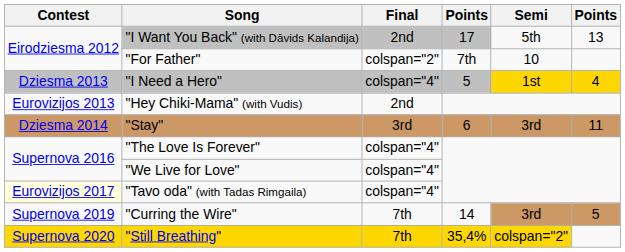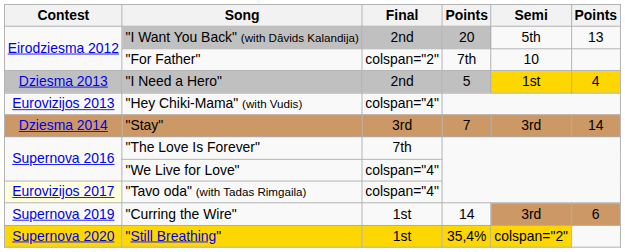 <table class="wikitable sortable plainrowheaders">
 <tr>
 <th scope="col">Contest</th>
 <th scope="col">Song</th>
 <th scope="col" data-sort-type="number">Final</th>
 <th scope="col" data-sort-type="number">Points</th>
 <th scope="col" data-sort-type="number">Semi</th>
 <th scope="col" data-sort-type="number">Points</th>
 </tr>
 <tr>
 <td rowspan="2" scope="row" style="text-align:center" style="background:silver;"> <a href='#'>Eirodziesma 2012</a></td>
 <td style="background:silver;">"I Want You Back" <small>(with Dāvids Kalandija)</small></td>
 <td align=center style="background:silver;">2nd</td>
-<td align=center style="background:silver;">17</td>
+<td align=center style="background:silver;">20</td>
 <td align=center>5th</td>
 <td align=center>13</td>
 </tr>
 <tr>
 <td>"For Father"</td>
 <td>colspan="2" </td>
 <td align=center>7th</td>
 <td align=center>10</td>
 </tr>
 <tr style="background:silver;">
 <td scope="row" style="text-align:center"> <a href='#'>Dziesma 2013</a></td>
 <td>"I Need a Hero"</td>
-<td>colspan="4" </td>
+<td align=center>2nd</td>
 <td align=center>5</td>
 <td align=center style="background:gold;">1st</td>
 <td align=center style="background:gold;">4</td>
 </tr>
 <tr>
 <td scope="row" style="text-align:center"> <a href='#'>Eurovizijos 2013</a></td>
 <td>"Hey Chiki-Mama" <small>(with Vudis)</small></td>
-<td align=center>2nd</td>
+<td>colspan="4" </td>
 </tr>
 <tr style="background:#c96;">
 <td scope="row" style="text-align:center"> <a href='#'>Dziesma 2014</a></td>
 <td>"Stay"</td>
 <td align=center>3rd</td>
-<td align=center>6</td>
+<td align=center>7</td>
 <td align=center>3rd</td>
-<td align=center>11</td>
+<td align=center>14</td>
 </tr>
 <tr>
 <td rowspan="2" scope="row" style="text-align:center"> <a href='#'>Supernova 2016</a></td>
 <td>"The Love Is Forever"</td>
-<td>colspan="4" </td>
+<td align=center>7th</td>
 </tr>
 <tr>
 <td>"We Live for Love"</td>
 <td>colspan="4" </td>
 </tr>
 <tr>
 <td scope="row" style="background: lightyellow; text-align:center"> <a href='#'>Eurovizijos 2017</a></td>
 <td>"Tavo oda" <small>(with Tadas Rimgaila)</small></td>
 <td>colspan="4" </td>
 </tr>
 <tr>
 <td scope="row" style="text-align:center"> <a href='#'>Supernova 2019</a></td>
 <td>"Curring the Wire"</td>
-<td align=center>7th</td>
+<td align=center>1st</td>
 <td align=center>14</td>
 <td align=center style="background:#c96;">3rd</td>
-<td align=center style="background:#c96;">5</td>
+<td align=center style="background:#c96;">6</td>
 </tr>
 <tr style="background:gold;">
 <td scope="row" style="text-align:center"> <a href='#'>Supernova 2020</a></td>
 <td>"<a href='#'>Still Breathing</a>"</td>
-<td align=center>7th</td>
+<td align=center>1st</td>
 <td align=center>35,4%</td>
 <td>colspan="2" </td>
 </tr>
 </table>
